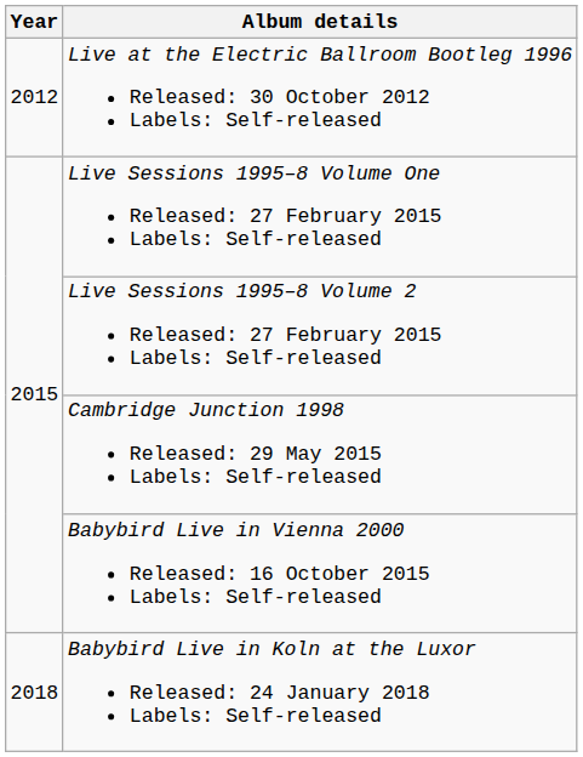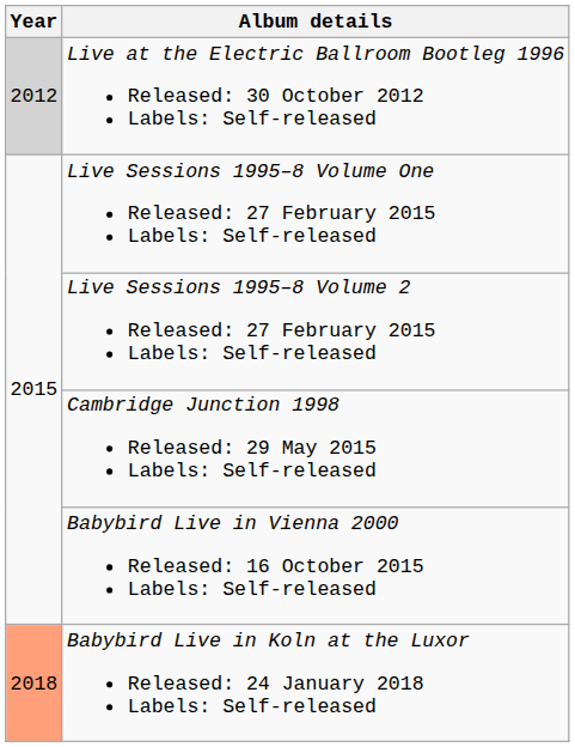 <table class="wikitable">
 <tr>
 <th>Year</th>
 <th>Album details</th>
 </tr>
 <tr>
-<td>2012</td>
+<td style="background: lightgrey;">2012</td>
 <td><em>Live at the Electric Ballroom Bootleg 1996</em><br><ul><li>Released: 30 October 2012</li><li>Labels: Self-released</li></ul></td>
 </tr>
 <tr>
 <td rowspan=4>2015</td>
 <td><em>Live Sessions 1995–8 Volume One</em><br><ul><li>Released: 27 February 2015</li><li>Labels: Self-released</li></ul></td>
 </tr>
 <tr>
 <td><em>Live Sessions 1995–8 Volume 2</em><br><ul><li>Released: 27 February 2015</li><li>Labels: Self-released</li></ul></td>
 </tr>
 <tr>
 <td><em>Cambridge Junction 1998</em><br><ul><li>Released: 29 May 2015</li><li>Labels: Self-released</li></ul></td>
 </tr>
 <tr>
 <td><em>Babybird Live in Vienna 2000</em><br><ul><li>Released: 16 October 2015</li><li>Labels: Self-released</li></ul></td>
 </tr>
 <tr>
-<td>2018</td>
+<td style="background: lightsalmon;">2018</td>
 <td><em>Babybird Live in Koln at the Luxor</em><br><ul><li>Released: 24 January 2018</li><li>Labels: Self-released</li></ul></td>
 </tr>
 </table>
